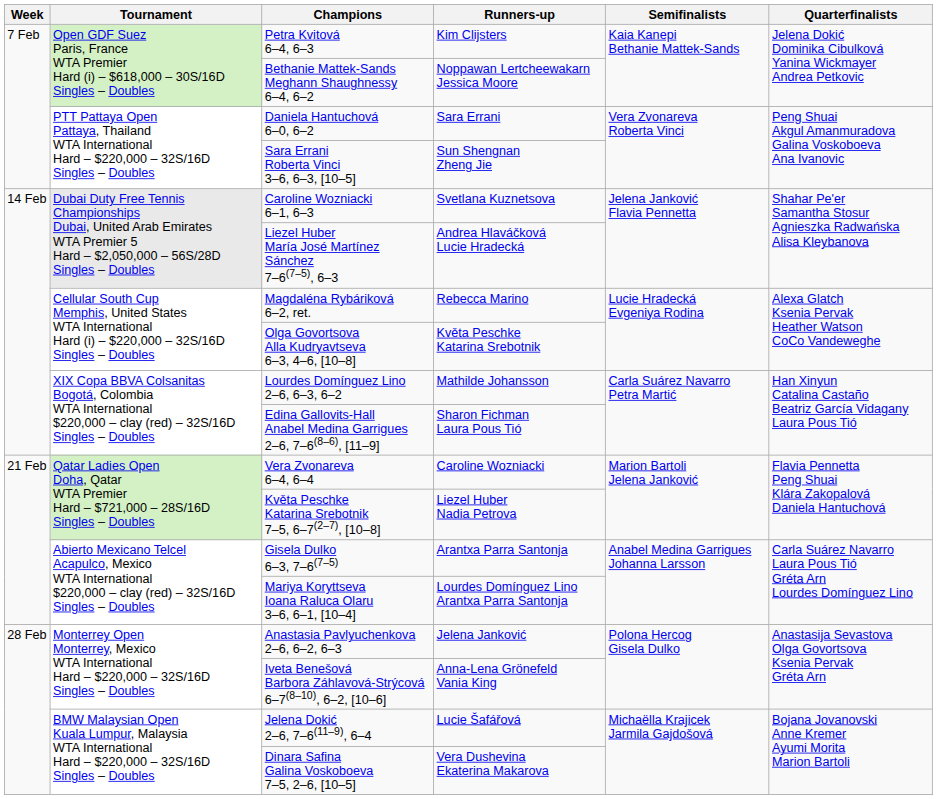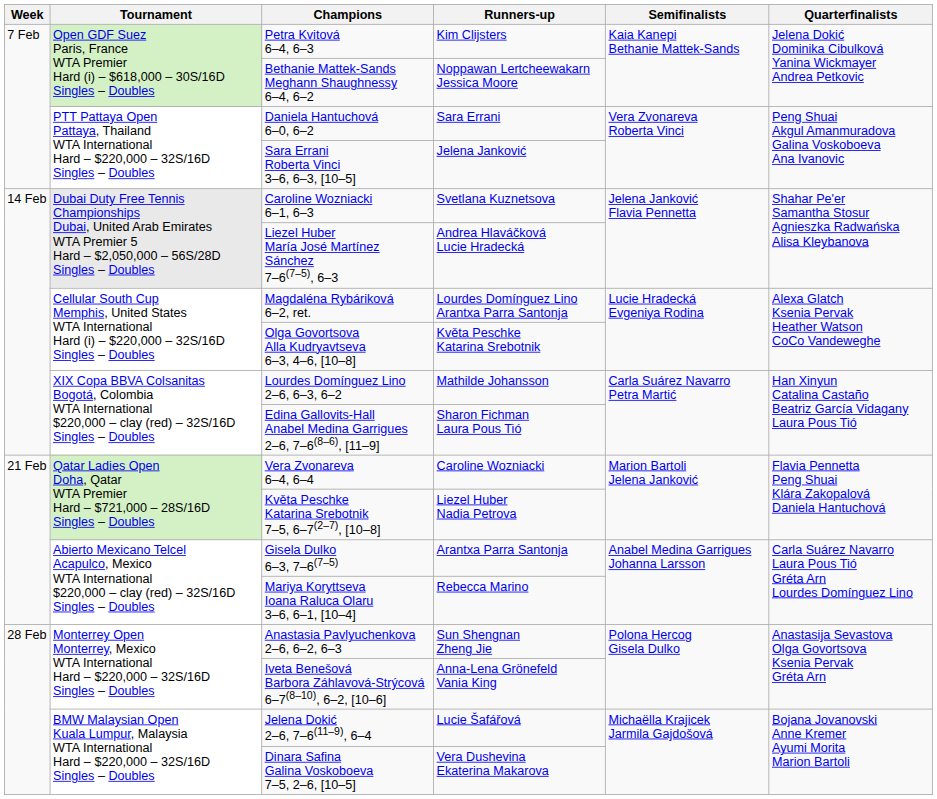 <table class=wikitable style=font-size:95%>
 <tr>
 <th style="width:48px;">Week</th>
 <th style="width:248px;">Tournament</th>
 <th style="width:200px;">Champions</th>
 <th style="width:200px;">Runners-up</th>
 <th style="width:190px;">Semifinalists</th>
 <th style="width:190px;">Quarterfinalists</th>
 </tr>
 <tr valign=top>
 <td rowspan=4>7 Feb</td>
 <td style="background:#d4f1c5;" rowspan=2><a href='#'>Open GDF Suez</a><br> Paris, France<br>WTA Premier <br>Hard (i) – $618,000 – 30S/16D<br><a href='#'>Singles</a> – <a href='#'>Doubles</a></td>
 <td> <a href='#'>Petra Kvitová</a><br>6–4, 6–3</td>
 <td> <a href='#'>Kim Clijsters</a></td>
 <td rowspan=2> <a href='#'>Kaia Kanepi</a><br> <a href='#'>Bethanie Mattek-Sands</a></td>
 <td rowspan=2> <a href='#'>Jelena Dokić</a><br> <a href='#'>Dominika Cibulková</a><br> <a href='#'>Yanina Wickmayer</a><br> <a href='#'>Andrea Petkovic</a></td>
 </tr>
 <tr valign=top>
 <td> <a href='#'>Bethanie Mattek-Sands</a><br> <a href='#'>Meghann Shaughnessy</a><br>6–4, 6–2</td>
 <td> <a href='#'>Noppawan Lertcheewakarn</a><br> <a href='#'>Jessica Moore</a></td>
 </tr>
 <tr valign=top>
 <td bgcolor=#ffffff rowspan=2><a href='#'>PTT Pattaya Open</a><br> <a href='#'>Pattaya</a>, Thailand<br>WTA International <br>Hard – $220,000 – 32S/16D<br><a href='#'>Singles</a> – <a href='#'>Doubles</a></td>
 <td> <a href='#'>Daniela Hantuchová</a><br>6–0, 6–2</td>
 <td> <a href='#'>Sara Errani</a></td>
 <td rowspan=2> <a href='#'>Vera Zvonareva</a><br> <a href='#'>Roberta Vinci</a></td>
 <td rowspan=2> <a href='#'>Peng Shuai</a><br> <a href='#'>Akgul Amanmuradova</a><br> <a href='#'>Galina Voskoboeva</a><br> <a href='#'>Ana Ivanovic</a></td>
 </tr>
 <tr valign=top>
 <td> <a href='#'>Sara Errani</a><br> <a href='#'>Roberta Vinci</a><br>3–6, 6–3, [10–5]</td>
-<td> <a href='#'>Sun Shengnan</a><br> <a href='#'>Zheng Jie</a></td>
+<td> <a href='#'>Jelena Janković</a></td>
 </tr>
 <tr valign=top>
 <td rowspan=6>14 Feb</td>
 <td style="background:#e9e9e9;" rowspan=2><a href='#'>Dubai Duty Free Tennis Championships</a><br> <a href='#'>Dubai</a>, United Arab Emirates<br>WTA Premier 5 <br>Hard – $2,050,000 – 56S/28D<br><a href='#'>Singles</a> – <a href='#'>Doubles</a></td>
 <td> <a href='#'>Caroline Wozniacki</a><br>6–1, 6–3</td>
 <td> <a href='#'>Svetlana Kuznetsova</a></td>
 <td rowspan=2> <a href='#'>Jelena Janković</a><br> <a href='#'>Flavia Pennetta</a></td>
 <td rowspan=2> <a href='#'>Shahar Pe'er</a><br> <a href='#'>Samantha Stosur</a><br> <a href='#'>Agnieszka Radwańska</a><br> <a href='#'>Alisa Kleybanova</a></td>
 </tr>
 <tr valign=top>
 <td> <a href='#'>Liezel Huber</a> <br>  <a href='#'>María José Martínez Sánchez</a> <br> 7–6<sup>(7–5)</sup>, 6–3</td>
 <td> <a href='#'>Andrea Hlaváčková</a> <br>  <a href='#'>Lucie Hradecká</a></td>
 </tr>
 <tr valign=top>
 <td bgcolor=#ffffff rowspan=2><a href='#'>Cellular South Cup</a><br> <a href='#'>Memphis</a>, United States<br>WTA International <br>Hard (i) – $220,000 – 32S/16D<br><a href='#'>Singles</a> – <a href='#'>Doubles</a></td>
 <td> <a href='#'>Magdaléna Rybáriková</a> <br> 6–2, ret.</td>
-<td> <a href='#'>Rebecca Marino</a></td>
+<td> <a href='#'>Lourdes Domínguez Lino</a> <br>  <a href='#'>Arantxa Parra Santonja</a></td>
 <td rowspan=2> <a href='#'>Lucie Hradecká</a><br> <a href='#'>Evgeniya Rodina</a></td>
 <td rowspan=2> <a href='#'>Alexa Glatch</a><br> <a href='#'>Ksenia Pervak</a><br> <a href='#'>Heather Watson</a><br> <a href='#'>CoCo Vandeweghe</a></td>
 </tr>
 <tr valign=top>
 <td> <a href='#'>Olga Govortsova</a> <br>  <a href='#'>Alla Kudryavtseva</a> <br> 6–3, 4–6, [10–8]</td>
 <td> <a href='#'>Květa Peschke</a> <br>  <a href='#'>Katarina Srebotnik</a></td>
 </tr>
 <tr valign=top>
 <td bgcolor=#ffffff rowspan=2><a href='#'>XIX Copa BBVA Colsanitas</a><br> <a href='#'>Bogotá</a>, Colombia<br>WTA International <br>$220,000 – clay (red) – 32S/16D<br><a href='#'>Singles</a> – <a href='#'>Doubles</a></td>
 <td> <a href='#'>Lourdes Domínguez Lino</a> <br> 2–6, 6–3, 6–2</td>
 <td> <a href='#'>Mathilde Johansson</a></td>
 <td rowspan=2> <a href='#'>Carla Suárez Navarro</a> <br> <a href='#'>Petra Martić</a></td>
 <td rowspan=2> <a href='#'>Han Xinyun</a><br> <a href='#'>Catalina Castaño</a><br> <a href='#'>Beatriz García Vidagany</a><br> <a href='#'>Laura Pous Tió</a></td>
 </tr>
 <tr valign=top>
 <td> <a href='#'>Edina Gallovits-Hall</a> <br>  <a href='#'>Anabel Medina Garrigues</a> <br> 2–6, 7–6<sup>(8–6)</sup>, [11–9]</td>
 <td> <a href='#'>Sharon Fichman</a> <br>  <a href='#'>Laura Pous Tió</a></td>
 </tr>
 <tr valign=top>
 <td rowspan=4>21 Feb</td>
 <td style="background:#d4f1c5;" rowspan=2><a href='#'>Qatar Ladies Open</a><br> <a href='#'>Doha</a>, Qatar<br>WTA Premier <br>Hard – $721,000 – 28S/16D<br><a href='#'>Singles</a> – <a href='#'>Doubles</a></td>
 <td> <a href='#'>Vera Zvonareva</a> <br>6–4, 6–4</td>
 <td> <a href='#'>Caroline Wozniacki</a></td>
 <td rowspan=2> <a href='#'>Marion Bartoli</a> <br>  <a href='#'>Jelena Janković</a></td>
 <td rowspan=2> <a href='#'>Flavia Pennetta</a> <br> <a href='#'>Peng Shuai</a><br> <a href='#'>Klára Zakopalová</a> <br>  <a href='#'>Daniela Hantuchová</a></td>
 </tr>
 <tr valign=top>
 <td> <a href='#'>Květa Peschke</a><br> <a href='#'>Katarina Srebotnik</a> <br> 7–5, 6–7<sup>(2–7)</sup>, [10–8]</td>
 <td> <a href='#'>Liezel Huber</a><br> <a href='#'>Nadia Petrova</a></td>
 </tr>
 <tr valign=top>
 <td bgcolor=#ffffff rowspan=2><a href='#'>Abierto Mexicano Telcel</a><br><a href='#'>Acapulco</a>, Mexico<br>WTA International <br>$220,000 – clay (red) – 32S/16D<br><a href='#'>Singles</a> – <a href='#'>Doubles</a></td>
 <td> <a href='#'>Gisela Dulko</a> <br> 6–3, 7–6<sup>(7–5)</sup></td>
 <td> <a href='#'>Arantxa Parra Santonja</a></td>
 <td rowspan=2> <a href='#'>Anabel Medina Garrigues</a> <br>  <a href='#'>Johanna Larsson</a></td>
 <td rowspan=2> <a href='#'>Carla Suárez Navarro</a> <br> <a href='#'>Laura Pous Tió</a>  <br> <a href='#'>Gréta Arn</a> <br> <a href='#'>Lourdes Domínguez Lino</a></td>
 </tr>
 <tr valign=top>
 <td> <a href='#'>Mariya Koryttseva</a> <br>  <a href='#'>Ioana Raluca Olaru</a> <br> 3–6, 6–1, [10–4]</td>
-<td> <a href='#'>Lourdes Domínguez Lino</a> <br>  <a href='#'>Arantxa Parra Santonja</a></td>
+<td> <a href='#'>Rebecca Marino</a></td>
 </tr>
 <tr valign=top>
 <td rowspan=4>28 Feb</td>
 <td bgcolor=#ffffff rowspan=2><a href='#'>Monterrey Open</a><br> <a href='#'>Monterrey</a>, Mexico<br>WTA International <br>Hard – $220,000 – 32S/16D<br><a href='#'>Singles</a> – <a href='#'>Doubles</a></td>
 <td> <a href='#'>Anastasia Pavlyuchenkova</a> <br>2–6, 6–2, 6–3</td>
-<td> <a href='#'>Jelena Janković</a></td>
+<td> <a href='#'>Sun Shengnan</a><br> <a href='#'>Zheng Jie</a></td>
 <td rowspan=2> <a href='#'>Polona Hercog</a> <br>  <a href='#'>Gisela Dulko</a></td>
 <td rowspan=2> <a href='#'>Anastasija Sevastova</a> <br> <a href='#'>Olga Govortsova</a> <br> <a href='#'>Ksenia Pervak</a> <br>  <a href='#'>Gréta Arn</a></td>
 </tr>
 <tr valign=top>
 <td> <a href='#'>Iveta Benešová</a><br> <a href='#'>Barbora Záhlavová-Strýcová</a><br> 6–7<sup>(8–10)</sup>, 6–2, [10–6]</td>
 <td> <a href='#'>Anna-Lena Grönefeld</a> <br>  <a href='#'>Vania King</a></td>
 </tr>
 <tr valign=top>
 <td bgcolor=#ffffff rowspan=2><a href='#'>BMW Malaysian Open</a><br> <a href='#'>Kuala Lumpur</a>, Malaysia<br>WTA International <br>Hard – $220,000 – 32S/16D<br><a href='#'>Singles</a> – <a href='#'>Doubles</a></td>
 <td> <a href='#'>Jelena Dokić</a> <br>2–6, 7–6<sup>(11–9)</sup>, 6–4</td>
 <td> <a href='#'>Lucie Šafářová</a></td>
 <td rowspan=2> <a href='#'>Michaëlla Krajicek</a> <br>  <a href='#'>Jarmila Gajdošová</a></td>
 <td rowspan=2> <a href='#'>Bojana Jovanovski</a> <br> <a href='#'>Anne Kremer</a> <br> <a href='#'>Ayumi Morita</a> <br>  <a href='#'>Marion Bartoli</a></td>
 </tr>
 <tr valign=top>
 <td> <a href='#'>Dinara Safina</a><br> <a href='#'>Galina Voskoboeva</a><br> 7–5, 2–6, [10–5]</td>
 <td> <a href='#'>Vera Dushevina</a><br> <a href='#'>Ekaterina Makarova</a></td>
 </tr>
 </table>
